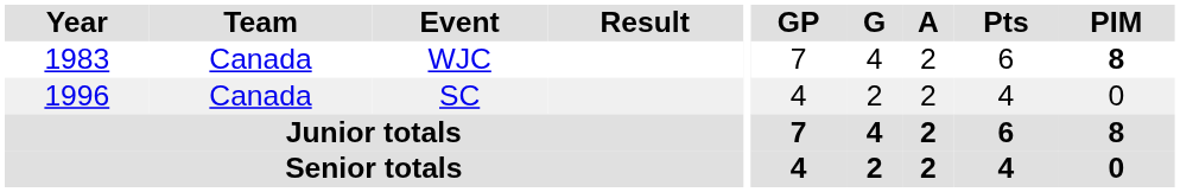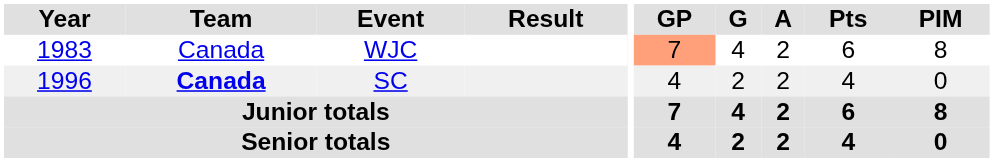 <table border="0" cellpadding="1" cellspacing="0" ID="Table3" style="text-align:center; width:40em">
 <tr bgcolor="#e0e0e0">
 <th>Year</th>
 <th>Team</th>
 <th>Event</th>
 <th>Result</th>
 <th rowspan="99" bgcolor="#ffffff"></th>
 <th>GP</th>
 <th>G</th>
 <th>A</th>
 <th>Pts</th>
 <th>PIM</th>
 </tr>
 <tr>
 <td><a href='#'>1983</a></td>
 <td><a href='#'>Canada</a></td>
 <td><a href='#'>WJC</a></td>
 <td></td>
-<td>7</td>
+<td style="background: lightsalmon;">7</td>
 <td>4</td>
 <td>2</td>
 <td>6</td>
-<td><strong>8</strong></td>
+<td>8</td>
 </tr>
 <tr bgcolor="#f0f0f0">
 <td><a href='#'>1996</a></td>
-<td><a href='#'>Canada</a></td>
+<td><strong><a href='#'>Canada</a></strong></td>
 <td><a href='#'>SC</a></td>
 <td></td>
 <td>4</td>
 <td>2</td>
 <td>2</td>
 <td>4</td>
 <td>0</td>
 </tr>
 <tr bgcolor="#e0e0e0">
 <th colspan="4">Junior totals</th>
 <th>7</th>
 <th>4</th>
 <th>2</th>
 <th>6</th>
 <th>8</th>
 </tr>
 <tr bgcolor="#e0e0e0">
 <th colspan="4">Senior totals</th>
 <th>4</th>
 <th>2</th>
 <th>2</th>
 <th>4</th>
 <th>0</th>
 </tr>
 </table>
